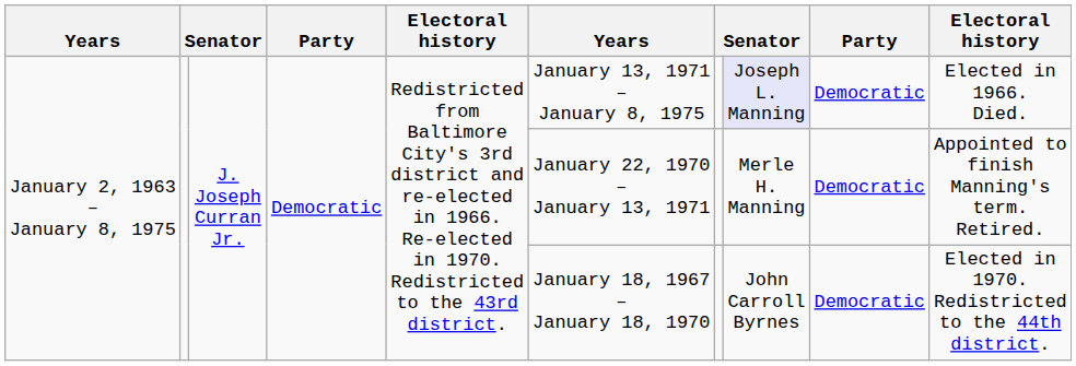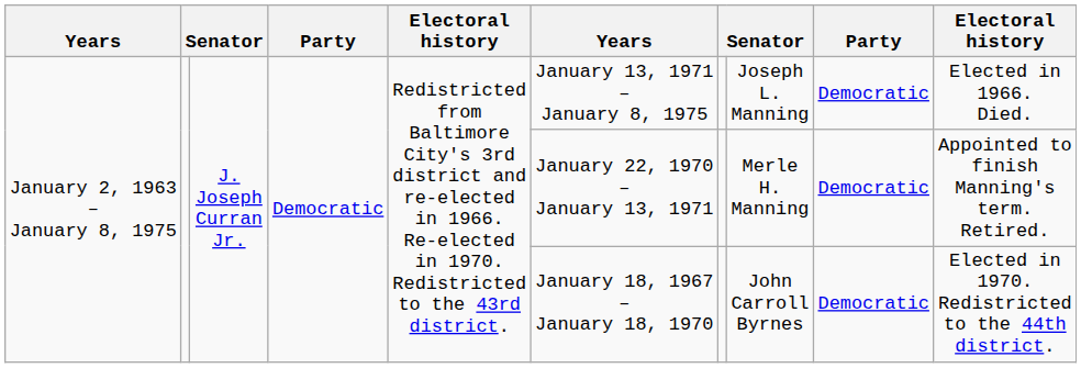 <table class=wikitable style="text-align:center">
 <tr valign=bottom>
 <th>Years</th>
 <th colspan=2>Senator</th>
 <th>Party</th>
 <th>Electoral history</th>
 <th>Years</th>
 <th colspan=2>Senator</th>
 <th>Party</th>
 <th>Electoral history</th>
 </tr>
 <tr>
 <td nowrap rowspan=3><span>January 2, 1963</span><br>–<br><span>January 8, 1975</span></td>
 <td align=left rowspan=3></td>
 <td rowspan=3><a href='#'>J. Joseph Curran Jr.</a></td>
 <td rowspan=3 ><a href='#'>Democratic</a></td>
 <td rowspan=3>Redistricted from Baltimore City's 3rd district and re-elected in 1966.<br>Re-elected in 1970.<br>Redistricted to the <a href='#'>43rd district</a>.</td>
 <td nowrap><span>January 13, 1971</span><br>–<br><span>January 8, 1975</span></td>
 <td></td>
-<td style="background: lavender;">Joseph L. Manning</td>
+<td>Joseph L. Manning</td>
 <td><a href='#'>Democratic</a></td>
 <td>Elected in 1966.<br>Died.</td>
 </tr>
 <tr>
 <td nowrap><span>January 22, 1970</span><br>–<br><span>January 13, 1971</span></td>
 <td></td>
 <td>Merle H. Manning</td>
 <td><a href='#'>Democratic</a></td>
 <td>Appointed to finish Manning's term.<br>Retired.</td>
 </tr>
 <tr>
 <td nowrap><span>January 18, 1967</span><br>–<br><span>January 18, 1970</span></td>
 <td></td>
 <td>John Carroll Byrnes</td>
 <td><a href='#'>Democratic</a></td>
 <td>Elected in 1970.<br>Redistricted to the <a href='#'>44th district</a>.</td>
 </tr>
 </table>
